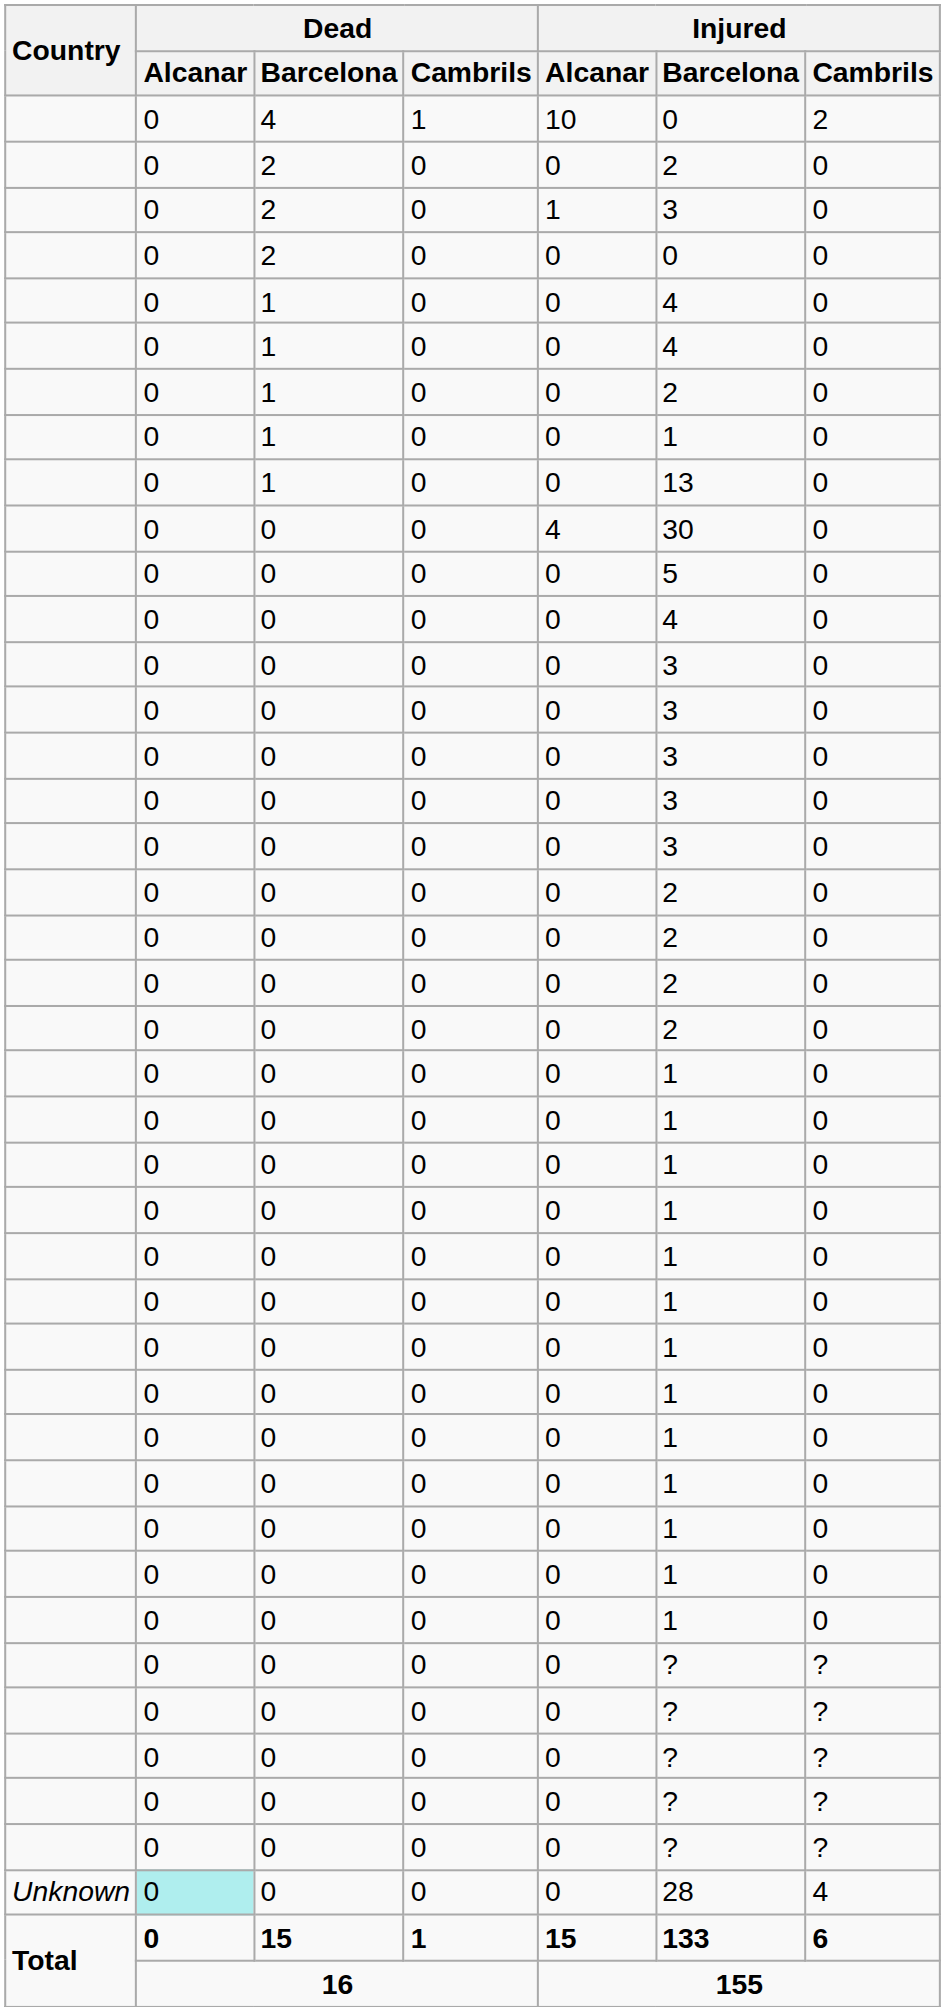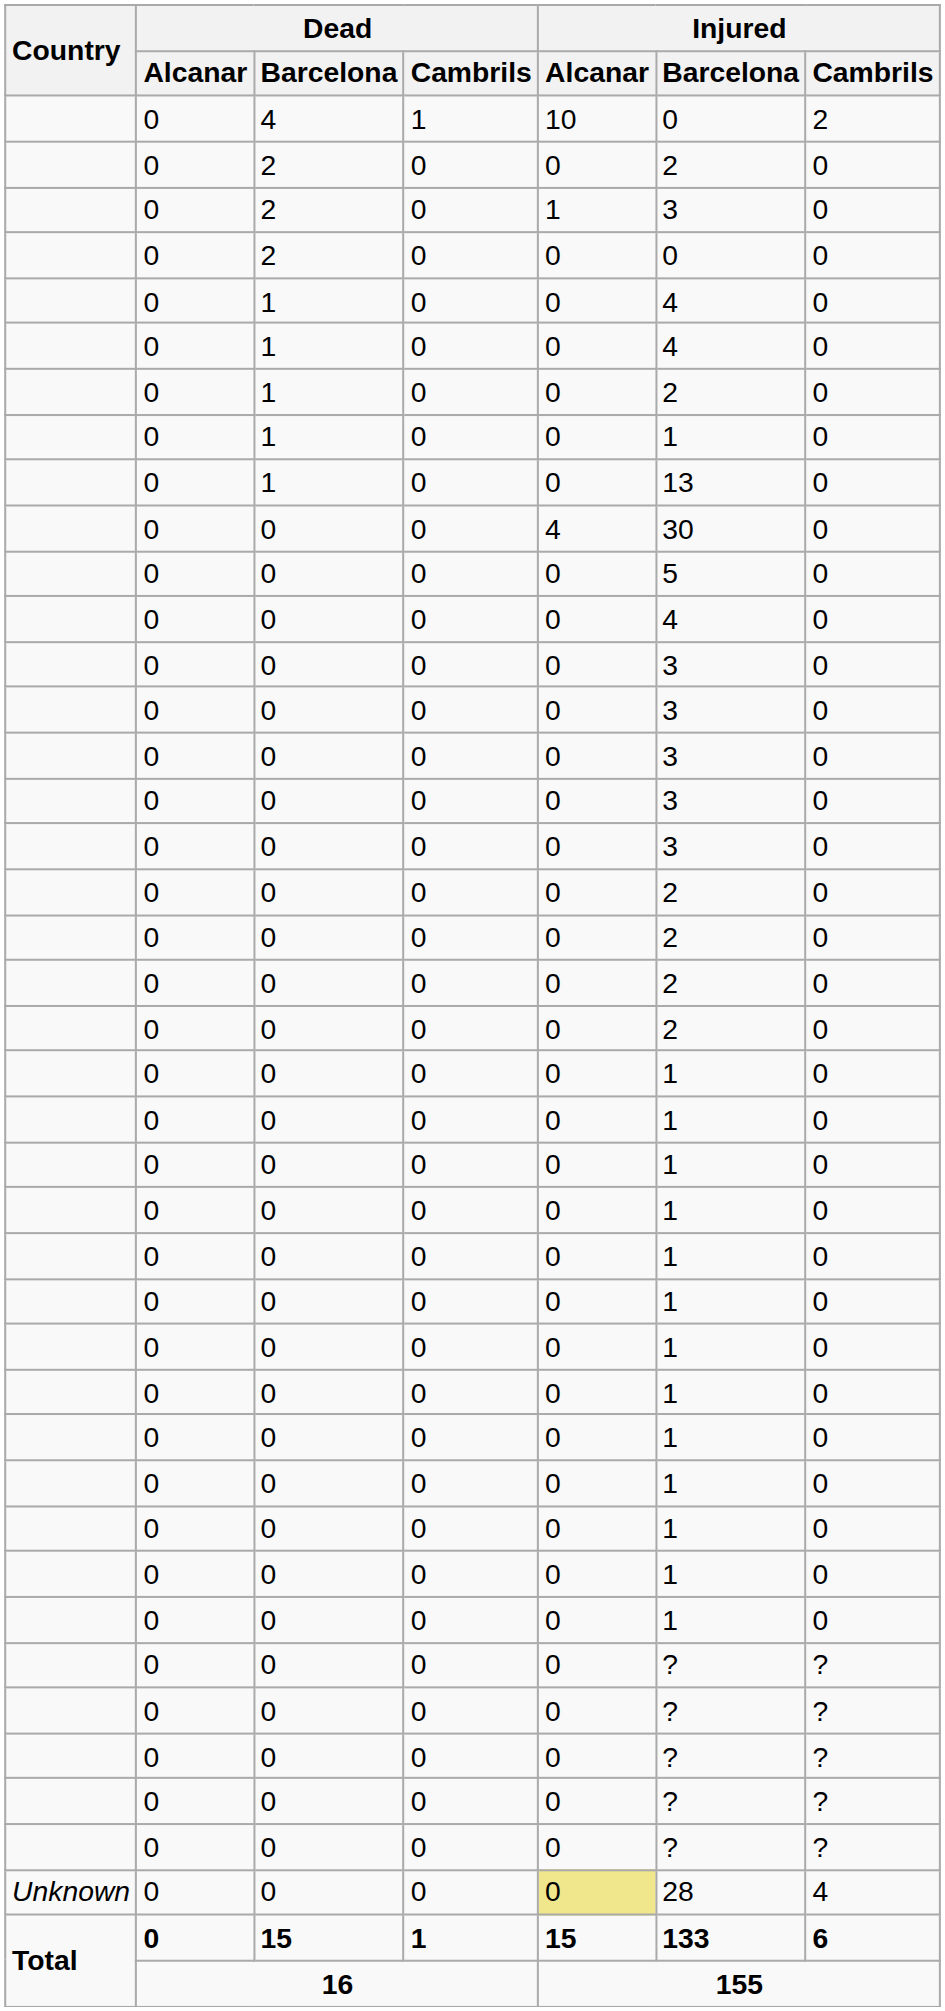 <table class="wikitable sortable floatcenter" style="font-size:88%; margin:0 0 1.5em 1.5em;">
 <tr>
 <th rowspan="2" style="text-align:left;">Country</th>
 <th colspan="3">Dead</th>
 <th colspan="3">Injured</th>
 </tr>
 <tr>
 <th>Alcanar</th>
 <th>Barcelona</th>
 <th>Cambrils</th>
 <th>Alcanar</th>
 <th>Barcelona</th>
 <th>Cambrils</th>
 </tr>
 <tr>
 <td style="text-align:left;"></td>
 <td>0</td>
 <td>4</td>
 <td>1</td>
 <td>10</td>
 <td>0</td>
 <td>2</td>
 </tr>
 <tr>
 <td></td>
 <td>0</td>
 <td>2</td>
 <td>0</td>
 <td>0</td>
 <td>2</td>
 <td>0</td>
 </tr>
 <tr>
 <td style="text-align:left;"></td>
 <td>0</td>
 <td>2</td>
 <td>0</td>
 <td>1</td>
 <td>3</td>
 <td>0</td>
 </tr>
 <tr>
 <td style="text-align:left;"></td>
 <td>0</td>
 <td>2</td>
 <td>0</td>
 <td>0</td>
 <td>0</td>
 <td>0</td>
 </tr>
 <tr>
 <td></td>
 <td>0</td>
 <td>1</td>
 <td>0</td>
 <td>0</td>
 <td>4</td>
 <td>0</td>
 </tr>
 <tr>
 <td></td>
 <td>0</td>
 <td>1</td>
 <td>0</td>
 <td>0</td>
 <td>4</td>
 <td>0</td>
 </tr>
 <tr>
 <td style="text-align:left;"></td>
 <td>0</td>
 <td>1</td>
 <td>0</td>
 <td>0</td>
 <td>2</td>
 <td>0</td>
 </tr>
 <tr>
 <td></td>
 <td>0</td>
 <td>1</td>
 <td>0</td>
 <td>0</td>
 <td>1</td>
 <td>0</td>
 </tr>
 <tr>
 <td style="text-align:left;"></td>
 <td>0</td>
 <td>1</td>
 <td>0</td>
 <td>0</td>
 <td>13</td>
 <td>0</td>
 </tr>
 <tr>
 <td></td>
 <td>0</td>
 <td>0</td>
 <td>0</td>
 <td>4</td>
 <td>30</td>
 <td>0</td>
 </tr>
 <tr>
 <td></td>
 <td>0</td>
 <td>0</td>
 <td>0</td>
 <td>0</td>
 <td>5</td>
 <td>0</td>
 </tr>
 <tr>
 <td></td>
 <td>0</td>
 <td>0</td>
 <td>0</td>
 <td>0</td>
 <td>4</td>
 <td>0</td>
 </tr>
 <tr>
 <td></td>
 <td>0</td>
 <td>0</td>
 <td>0</td>
 <td>0</td>
 <td>3</td>
 <td>0</td>
 </tr>
 <tr>
 <td></td>
 <td>0</td>
 <td>0</td>
 <td>0</td>
 <td>0</td>
 <td>3</td>
 <td>0</td>
 </tr>
 <tr>
 <td></td>
 <td>0</td>
 <td>0</td>
 <td>0</td>
 <td>0</td>
 <td>3</td>
 <td>0</td>
 </tr>
 <tr>
 <td></td>
 <td>0</td>
 <td>0</td>
 <td>0</td>
 <td>0</td>
 <td>3</td>
 <td>0</td>
 </tr>
 <tr>
 <td></td>
 <td>0</td>
 <td>0</td>
 <td>0</td>
 <td>0</td>
 <td>3</td>
 <td>0</td>
 </tr>
 <tr>
 <td></td>
 <td>0</td>
 <td>0</td>
 <td>0</td>
 <td>0</td>
 <td>2</td>
 <td>0</td>
 </tr>
 <tr>
 <td></td>
 <td>0</td>
 <td>0</td>
 <td>0</td>
 <td>0</td>
 <td>2</td>
 <td>0</td>
 </tr>
 <tr>
 <td></td>
 <td>0</td>
 <td>0</td>
 <td>0</td>
 <td>0</td>
 <td>2</td>
 <td>0</td>
 </tr>
 <tr>
 <td></td>
 <td>0</td>
 <td>0</td>
 <td>0</td>
 <td>0</td>
 <td>2</td>
 <td>0</td>
 </tr>
 <tr>
 <td></td>
 <td>0</td>
 <td>0</td>
 <td>0</td>
 <td>0</td>
 <td>1</td>
 <td>0</td>
 </tr>
 <tr>
 <td></td>
 <td>0</td>
 <td>0</td>
 <td>0</td>
 <td>0</td>
 <td>1</td>
 <td>0</td>
 </tr>
 <tr>
 <td></td>
 <td>0</td>
 <td>0</td>
 <td>0</td>
 <td>0</td>
 <td>1</td>
 <td>0</td>
 </tr>
 <tr>
 <td></td>
 <td>0</td>
 <td>0</td>
 <td>0</td>
 <td>0</td>
 <td>1</td>
 <td>0</td>
 </tr>
 <tr>
 <td></td>
 <td>0</td>
 <td>0</td>
 <td>0</td>
 <td>0</td>
 <td>1</td>
 <td>0</td>
 </tr>
 <tr>
 <td></td>
 <td>0</td>
 <td>0</td>
 <td>0</td>
 <td>0</td>
 <td>1</td>
 <td>0</td>
 </tr>
 <tr>
 <td></td>
 <td>0</td>
 <td>0</td>
 <td>0</td>
 <td>0</td>
 <td>1</td>
 <td>0</td>
 </tr>
 <tr>
 <td></td>
 <td>0</td>
 <td>0</td>
 <td>0</td>
 <td>0</td>
 <td>1</td>
 <td>0</td>
 </tr>
 <tr>
 <td></td>
 <td>0</td>
 <td>0</td>
 <td>0</td>
 <td>0</td>
 <td>1</td>
 <td>0</td>
 </tr>
 <tr>
 <td></td>
 <td>0</td>
 <td>0</td>
 <td>0</td>
 <td>0</td>
 <td>1</td>
 <td>0</td>
 </tr>
 <tr>
 <td></td>
 <td>0</td>
 <td>0</td>
 <td>0</td>
 <td>0</td>
 <td>1</td>
 <td>0</td>
 </tr>
 <tr>
 <td></td>
 <td>0</td>
 <td>0</td>
 <td>0</td>
 <td>0</td>
 <td>1</td>
 <td>0</td>
 </tr>
 <tr>
 <td></td>
 <td>0</td>
 <td>0</td>
 <td>0</td>
 <td>0</td>
 <td>1</td>
 <td>0</td>
 </tr>
 <tr>
 <td></td>
 <td>0</td>
 <td>0</td>
 <td>0</td>
 <td>0</td>
 <td>?</td>
 <td>?</td>
 </tr>
 <tr>
 <td></td>
 <td>0</td>
 <td>0</td>
 <td>0</td>
 <td>0</td>
 <td>?</td>
 <td>?</td>
 </tr>
 <tr>
 <td></td>
 <td>0</td>
 <td>0</td>
 <td>0</td>
 <td>0</td>
 <td>?</td>
 <td>?</td>
 </tr>
 <tr>
 <td></td>
 <td>0</td>
 <td>0</td>
 <td>0</td>
 <td>0</td>
 <td>?</td>
 <td>?</td>
 </tr>
 <tr>
 <td></td>
 <td>0</td>
 <td>0</td>
 <td>0</td>
 <td>0</td>
 <td>?</td>
 <td>?</td>
 </tr>
 <tr class="sortbottom">
 <td style="text-align:left;"><em>Unknown</em></td>
-<td style="background: paleturquoise;">0</td>
 <td>0</td>
 <td>0</td>
 <td>0</td>
+<td style="background: khaki;">0</td>
 <td>28</td>
 <td>4</td>
 </tr>
 <tr class="sortbottom">
 <td rowspan="2"><strong>Total</strong></td>
 <td><strong>0</strong></td>
 <td><strong>15</strong></td>
 <td><strong>1</strong></td>
 <td><strong>15</strong></td>
 <td><strong>133</strong></td>
 <td><strong>6</strong></td>
 </tr>
 <tr class="sortbottom">
 <td colspan="3" style="text-align:center;"><strong>16</strong></td>
 <td colspan="3" style="text-align:center;"><strong>155</strong></td>
 </tr>
 <tr class="sortbottom">
 </tr>
 </table>
